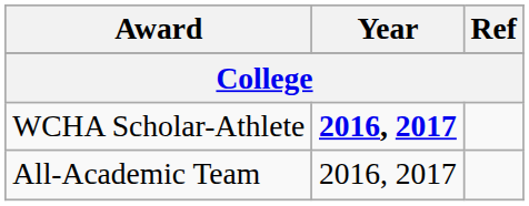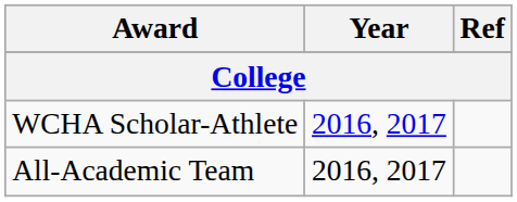 <table class="wikitable">
 <tr>
 <th>Award</th>
 <th>Year</th>
 <th>Ref</th>
 </tr>
 <tr>
 </tr>
 <tr>
 <th colspan="3"><a href='#'>College</a></th>
 </tr>
 <tr>
 <td>WCHA Scholar-Athlete</td>
-<td><strong><a href='#'>2016</a>, <a href='#'>2017</a></strong></td>
+<td><a href='#'>2016</a>, <a href='#'>2017</a></td>
 <td></td>
 </tr>
 <tr>
 <td>All-Academic Team</td>
 <td>2016, 2017</td>
 <td></td>
 </tr>
 </table>
